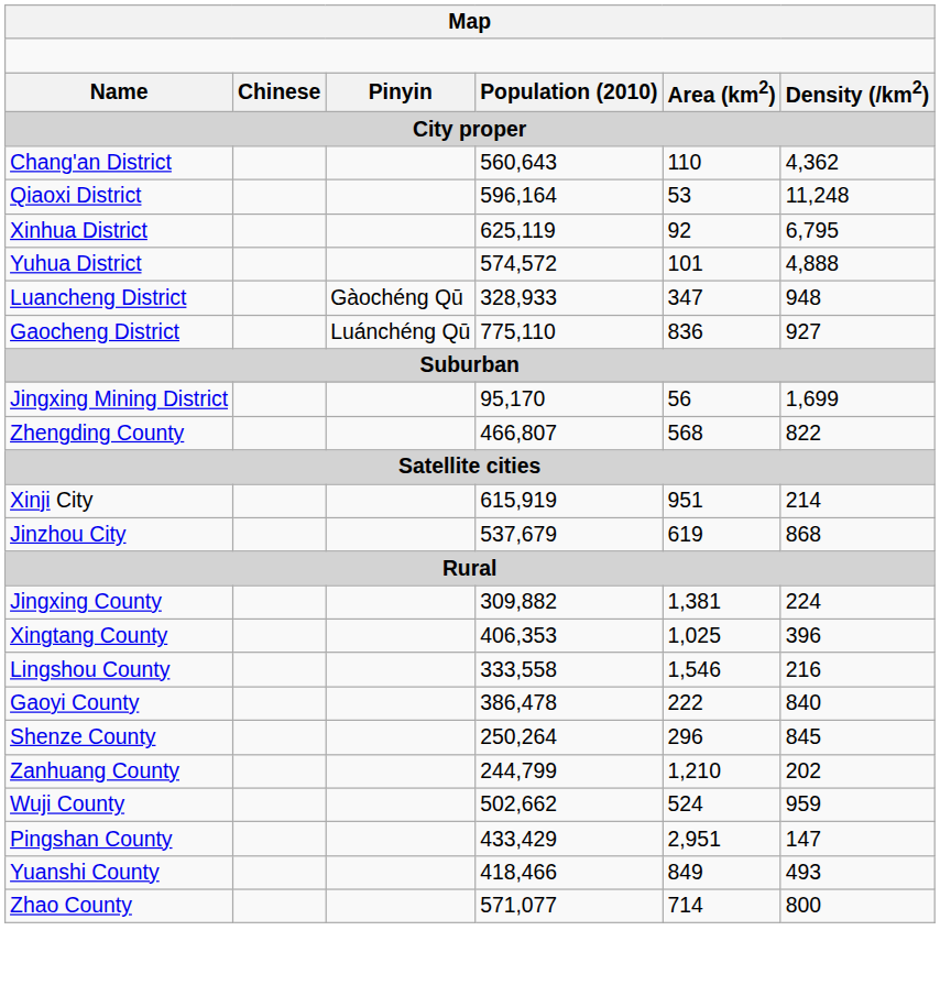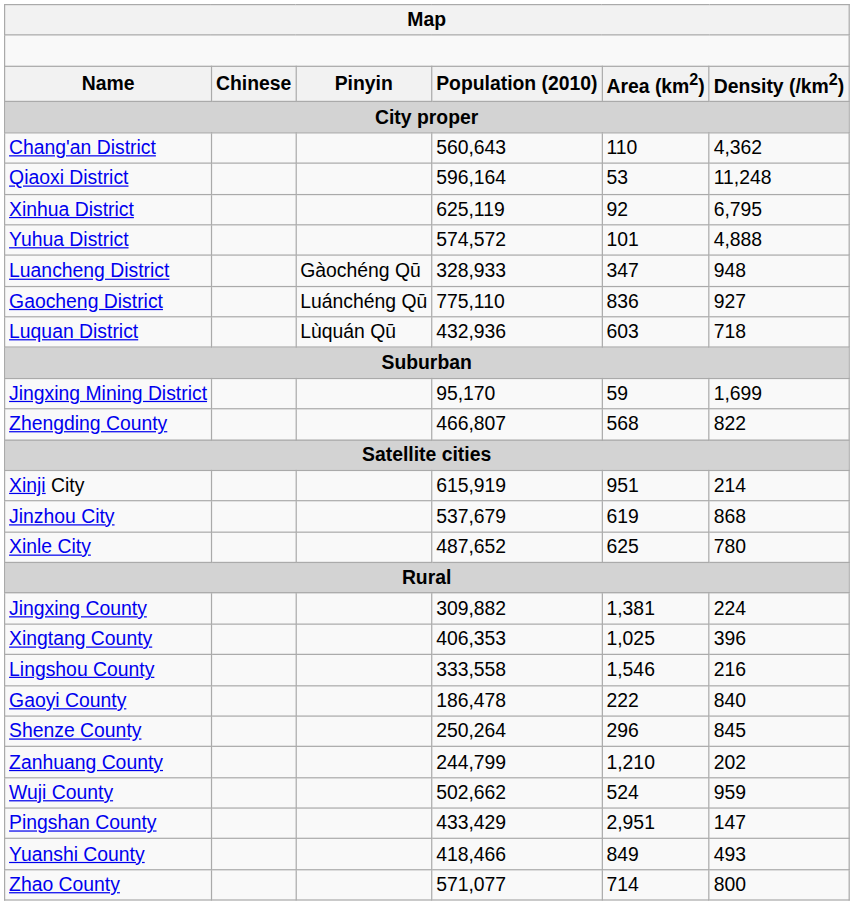 <table class="wikitable" style="font-size:100%;" align=center>
 <tr>
 <th colspan="6">Map</th>
 </tr>
 <tr --------->
 <td colspan="6" align="center"><div><br>                        </div></td>
 </tr>
 <tr --------->
 <th>Name</th>
 <th>Chinese</th>
 <th>Pinyin</th>
 <th>Population (2010)</th>
 <th>Area (km<sup>2</sup>)</th>
 <th>Density (/km<sup>2</sup>)</th>
 </tr>
 <tr --------->
 <td colspan="6" style="text-align: center; background: #D3D3D3"><strong>City proper</strong></td>
 </tr>
 <tr --------->
 <td><a href='#'>Chang'an District</a></td>
 <td></td>
 <td></td>
 <td>560,643</td>
 <td>110</td>
 <td>4,362</td>
 </tr>
 <tr --------->
 <td><a href='#'>Qiaoxi District</a></td>
 <td></td>
 <td></td>
 <td>596,164</td>
 <td>53</td>
 <td>11,248</td>
 </tr>
 <tr --------->
 <td><a href='#'>Xinhua District</a></td>
 <td></td>
 <td></td>
 <td>625,119</td>
 <td>92</td>
 <td>6,795</td>
 </tr>
 <tr --------->
 <td><a href='#'>Yuhua District</a></td>
 <td></td>
 <td></td>
 <td>574,572</td>
 <td>101</td>
 <td>4,888</td>
 </tr>
 <tr --------->
 <td><a href='#'>Luancheng District</a></td>
 <td></td>
 <td>Gàochéng Qū</td>
 <td>328,933</td>
 <td>347</td>
 <td>948</td>
 </tr>
 <tr --------->
 <td><a href='#'>Gaocheng District</a></td>
 <td></td>
 <td>Luánchéng Qū</td>
 <td>775,110</td>
 <td>836</td>
 <td>927</td>
 </tr>
 <tr --------->
+<td><a href='#'>Luquan District</a></td>
+<td></td>
+<td>Lùquán Qū</td>
+<td>432,936</td>
+<td>603</td>
+<td>718</td>
+</tr>
+<tr --------->
 <td colspan="6" style="text-align: center; background: #D3D3D3"><strong>Suburban</strong></td>
 </tr>
 <tr --------->
 <td><a href='#'>Jingxing Mining District</a></td>
 <td></td>
 <td></td>
 <td>95,170</td>
-<td>56</td>
+<td>59</td>
 <td>1,699</td>
 </tr>
 <tr --------->
 <td><a href='#'>Zhengding County</a></td>
 <td></td>
 <td></td>
 <td>466,807</td>
 <td>568</td>
 <td>822</td>
 </tr>
 <tr --------->
 <td colspan="6" style="text-align: center; background: #D3D3D3"><strong>Satellite cities</strong></td>
 </tr>
 <tr --------->
 <td><a href='#'>Xinji</a> City</td>
 <td></td>
 <td></td>
 <td>615,919</td>
 <td>951</td>
 <td>214</td>
 </tr>
 <tr --------->
 <td><a href='#'>Jinzhou City</a></td>
 <td></td>
 <td></td>
 <td>537,679</td>
 <td>619</td>
 <td>868</td>
+</tr>
+<tr --------->
+<td><a href='#'>Xinle City</a></td>
+<td></td>
+<td></td>
+<td>487,652</td>
+<td>625</td>
+<td>780</td>
 </tr>
 <tr --------->
 <td colspan="6" style="text-align: center; background: #D3D3D3"><strong>Rural</strong></td>
 </tr>
 <tr --------->
 <td><a href='#'>Jingxing County</a></td>
 <td></td>
 <td></td>
 <td>309,882</td>
 <td>1,381</td>
 <td>224</td>
 </tr>
 <tr --------->
 <td><a href='#'>Xingtang County</a></td>
 <td></td>
 <td></td>
 <td>406,353</td>
 <td>1,025</td>
 <td>396</td>
 </tr>
 <tr --------->
 <td><a href='#'>Lingshou County</a></td>
 <td></td>
 <td></td>
 <td>333,558</td>
 <td>1,546</td>
 <td>216</td>
 </tr>
 <tr --------->
 <td><a href='#'>Gaoyi County</a></td>
 <td></td>
 <td></td>
-<td>386,478</td>
+<td>186,478</td>
 <td>222</td>
 <td>840</td>
 </tr>
 <tr --------->
 <td><a href='#'>Shenze County</a></td>
 <td></td>
 <td></td>
 <td>250,264</td>
 <td>296</td>
 <td>845</td>
 </tr>
 <tr --------->
 <td><a href='#'>Zanhuang County</a></td>
 <td></td>
 <td></td>
 <td>244,799</td>
 <td>1,210</td>
 <td>202</td>
 </tr>
 <tr --------->
 <td><a href='#'>Wuji County</a></td>
 <td></td>
 <td></td>
 <td>502,662</td>
 <td>524</td>
 <td>959</td>
 </tr>
 <tr --------->
 <td><a href='#'>Pingshan County</a></td>
 <td></td>
 <td></td>
 <td>433,429</td>
 <td>2,951</td>
 <td>147</td>
 </tr>
 <tr --------->
 <td><a href='#'>Yuanshi County</a></td>
 <td></td>
 <td></td>
 <td>418,466</td>
 <td>849</td>
 <td>493</td>
 </tr>
 <tr --------->
 <td><a href='#'>Zhao County</a></td>
 <td></td>
 <td></td>
 <td>571,077</td>
 <td>714</td>
 <td>800</td>
 </tr>
 </table>
